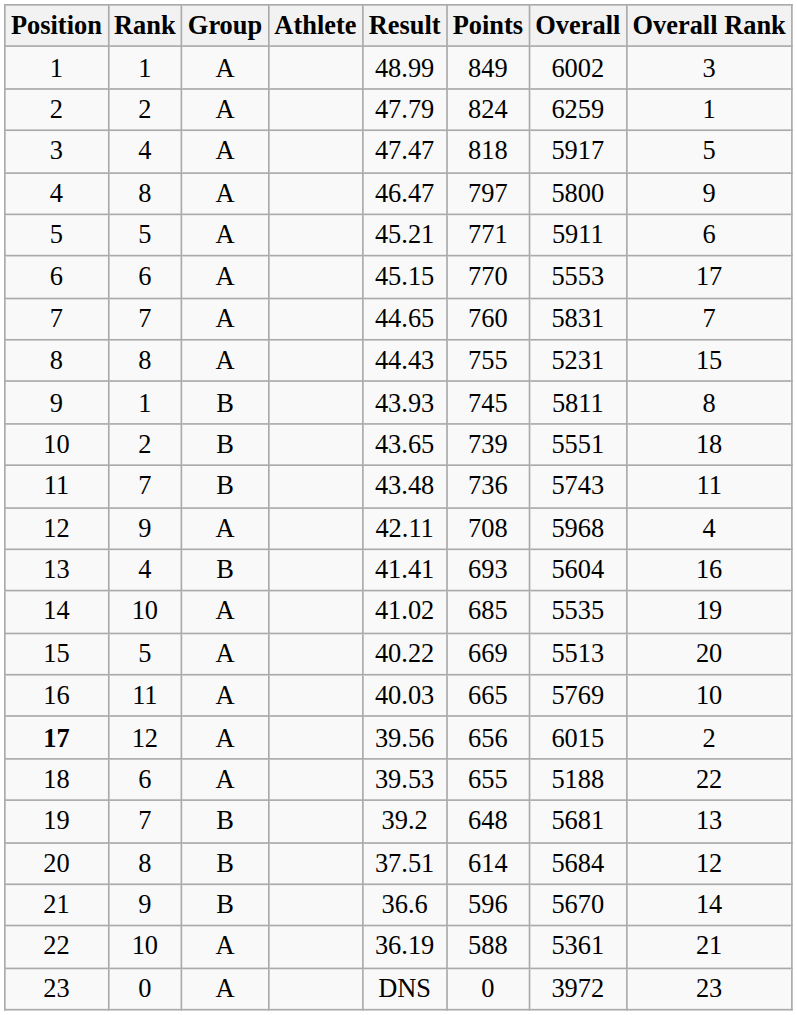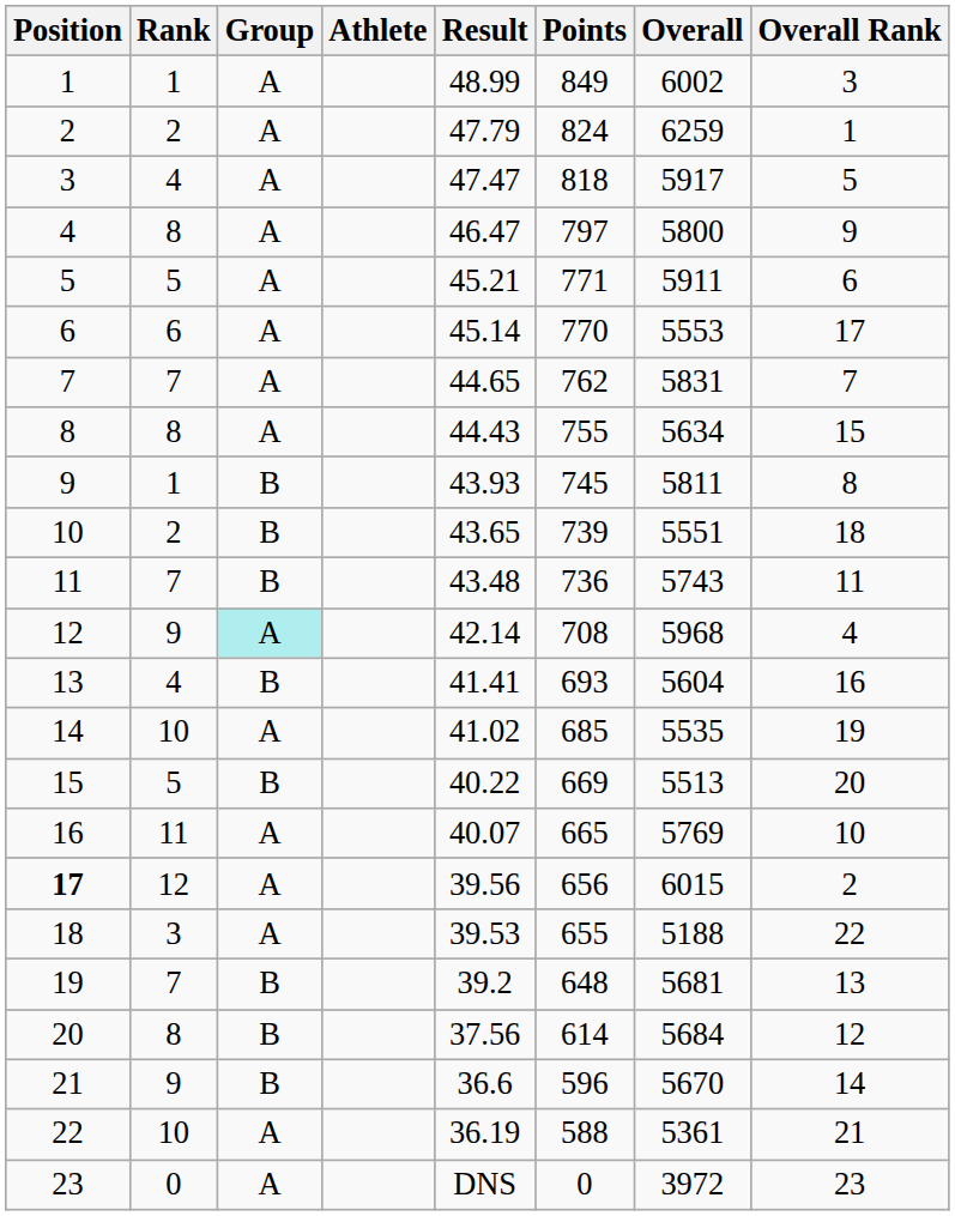 <table class="wikitable sortable" style="text-align:center">
 <tr>
 <th>Position</th>
 <th>Rank</th>
 <th>Group</th>
 <th>Athlete</th>
 <th>Result</th>
 <th>Points</th>
 <th>Overall</th>
 <th>Overall Rank</th>
 </tr>
 <tr>
 <td>1</td>
 <td>1</td>
 <td>A</td>
 <td align=left></td>
 <td>48.99</td>
 <td>849</td>
 <td>6002</td>
 <td>3</td>
 </tr>
 <tr>
 <td>2</td>
 <td>2</td>
 <td>A</td>
 <td align=left></td>
 <td>47.79</td>
 <td>824</td>
 <td>6259</td>
 <td>1</td>
 </tr>
 <tr>
 <td>3</td>
 <td>4</td>
 <td>A</td>
 <td align=left></td>
 <td>47.47</td>
 <td>818</td>
 <td>5917</td>
 <td>5</td>
 </tr>
 <tr>
 <td>4</td>
 <td>8</td>
 <td>A</td>
 <td align=left></td>
 <td>46.47</td>
 <td>797</td>
 <td>5800</td>
 <td>9</td>
 </tr>
 <tr>
 <td>5</td>
 <td>5</td>
 <td>A</td>
 <td align=left></td>
 <td>45.21</td>
 <td>771</td>
 <td>5911</td>
 <td>6</td>
 </tr>
 <tr>
 <td>6</td>
 <td>6</td>
 <td>A</td>
 <td align=left></td>
-<td>45.15</td>
+<td>45.14</td>
 <td>770</td>
 <td>5553</td>
 <td>17</td>
 </tr>
 <tr>
 <td>7</td>
 <td>7</td>
 <td>A</td>
 <td align=left></td>
 <td>44.65</td>
-<td>760</td>
+<td>762</td>
 <td>5831</td>
 <td>7</td>
 </tr>
 <tr>
 <td>8</td>
 <td>8</td>
 <td>A</td>
 <td align=left></td>
 <td>44.43</td>
 <td>755</td>
-<td>5231</td>
+<td>5634</td>
 <td>15</td>
 </tr>
 <tr>
 <td>9</td>
 <td>1</td>
 <td>B</td>
 <td align=left></td>
 <td>43.93</td>
 <td>745</td>
 <td>5811</td>
 <td>8</td>
 </tr>
 <tr>
 <td>10</td>
 <td>2</td>
 <td>B</td>
 <td align=left></td>
 <td>43.65</td>
 <td>739</td>
 <td>5551</td>
 <td>18</td>
 </tr>
 <tr>
 <td>11</td>
 <td>7</td>
 <td>B</td>
 <td align=left></td>
 <td>43.48</td>
 <td>736</td>
 <td>5743</td>
 <td>11</td>
 </tr>
 <tr>
 <td>12</td>
 <td>9</td>
-<td>A</td>
+<td style="background: paleturquoise;">A</td>
 <td align=left></td>
-<td>42.11</td>
+<td>42.14</td>
 <td>708</td>
 <td>5968</td>
 <td>4</td>
 </tr>
 <tr>
 <td>13</td>
 <td>4</td>
 <td>B</td>
 <td align=left></td>
 <td>41.41</td>
 <td>693</td>
 <td>5604</td>
 <td>16</td>
 </tr>
 <tr>
 <td>14</td>
 <td>10</td>
 <td>A</td>
 <td align=left></td>
 <td>41.02</td>
 <td>685</td>
 <td>5535</td>
 <td>19</td>
 </tr>
 <tr>
 <td>15</td>
 <td>5</td>
-<td>A</td>
+<td>B</td>
 <td align=left></td>
 <td>40.22</td>
 <td>669</td>
 <td>5513</td>
 <td>20</td>
 </tr>
 <tr>
 <td>16</td>
 <td>11</td>
 <td>A</td>
 <td align=left></td>
-<td>40.03</td>
+<td>40.07</td>
 <td>665</td>
 <td>5769</td>
 <td>10</td>
 </tr>
 <tr>
 <td><strong>17</strong></td>
 <td>12</td>
 <td>A</td>
 <td align=left></td>
 <td>39.56</td>
 <td>656</td>
 <td>6015</td>
 <td>2</td>
 </tr>
 <tr>
 <td>18</td>
-<td>6</td>
+<td>3</td>
 <td>A</td>
 <td align=left></td>
 <td>39.53</td>
 <td>655</td>
 <td>5188</td>
 <td>22</td>
 </tr>
 <tr>
 <td>19</td>
 <td>7</td>
 <td>B</td>
 <td align=left></td>
 <td>39.2</td>
 <td>648</td>
 <td>5681</td>
 <td>13</td>
 </tr>
 <tr>
 <td>20</td>
 <td>8</td>
 <td>B</td>
 <td align=left></td>
-<td>37.51</td>
+<td>37.56</td>
 <td>614</td>
 <td>5684</td>
 <td>12</td>
 </tr>
 <tr>
 <td>21</td>
 <td>9</td>
 <td>B</td>
 <td align=left></td>
 <td>36.6</td>
 <td>596</td>
 <td>5670</td>
 <td>14</td>
 </tr>
 <tr>
 <td>22</td>
 <td>10</td>
 <td>A</td>
 <td align=left></td>
 <td>36.19</td>
 <td>588</td>
 <td>5361</td>
 <td>21</td>
 </tr>
 <tr>
 <td>23</td>
 <td>0</td>
 <td>A</td>
 <td align=left></td>
 <td>DNS</td>
 <td>0</td>
 <td>3972</td>
 <td>23</td>
 </tr>
 </table>
